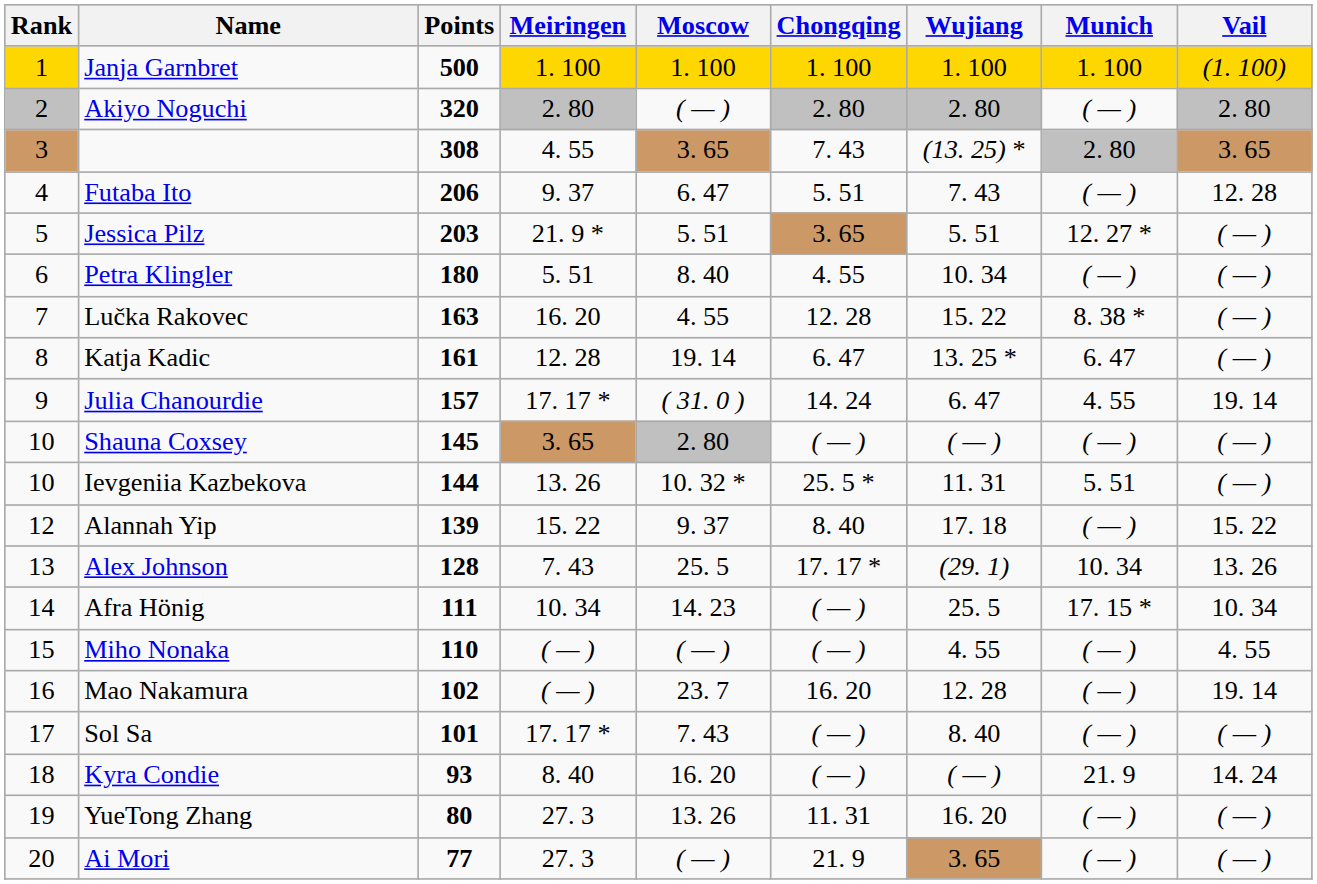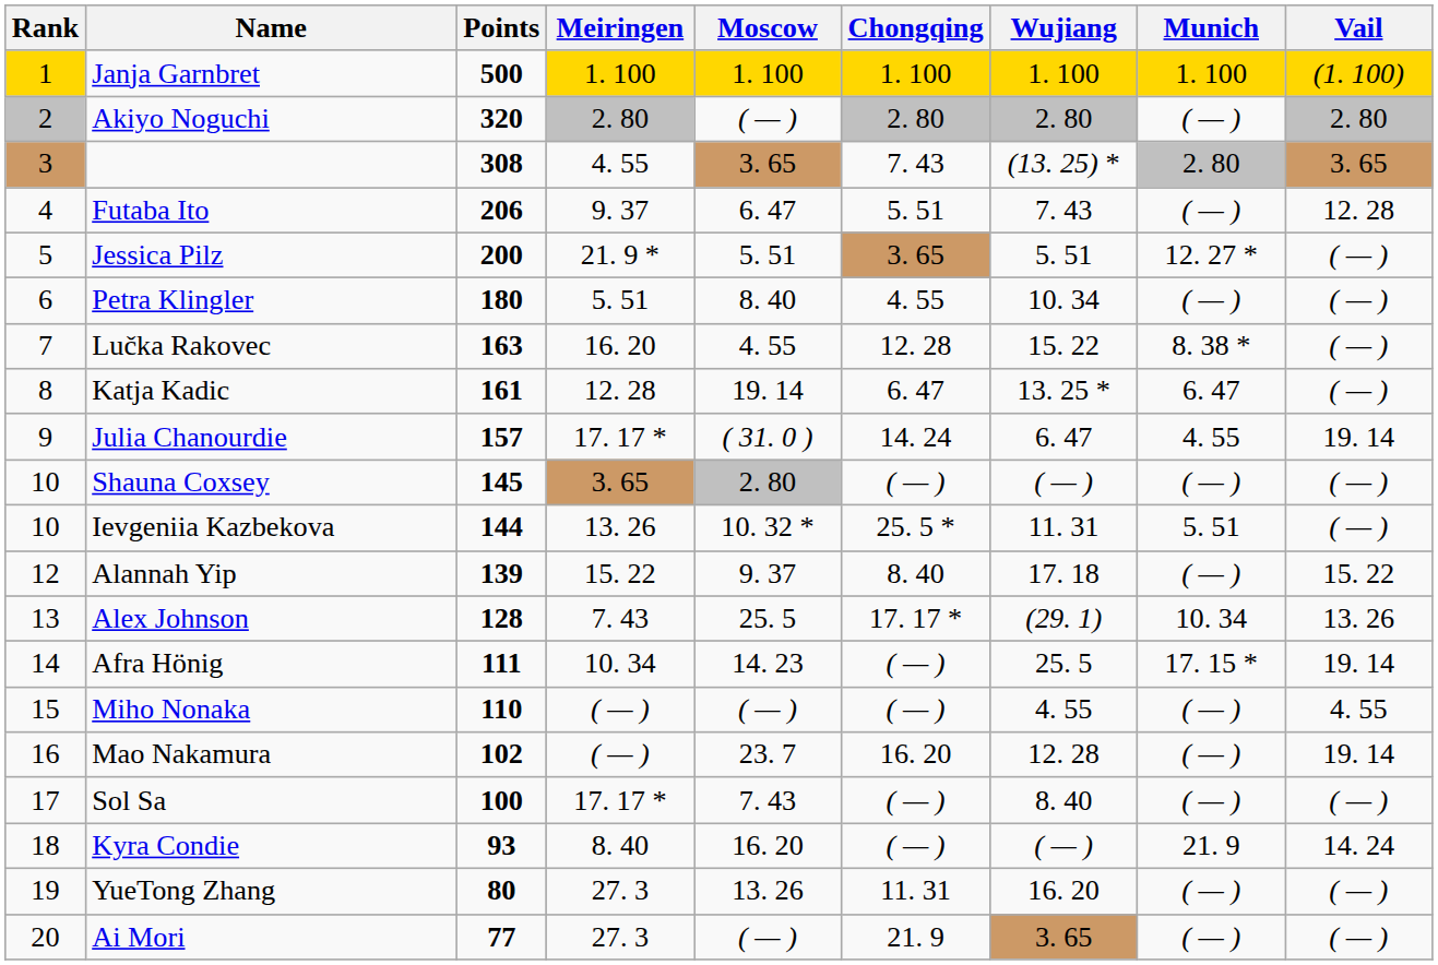 <table class="wikitable sortable">
 <tr>
 <th>Rank</th>
 <th width = "200">Name</th>
 <th>Points</th>
 <th width = "75" data-sort-type="number"><a href='#'>Meiringen</a></th>
 <th width = "75" data-sort-type="number"><a href='#'>Moscow</a></th>
 <th width = "75" data-sort-type="number"><a href='#'>Chongqing</a></th>
 <th width = "75" data-sort-type="number"><a href='#'>Wujiang</a></th>
 <th width = "75" data-sort-type="number"><a href='#'>Munich</a></th>
 <th width = "75" data-sort-type="number"><a href='#'>Vail</a></th>
 </tr>
 <tr>
 <td align="center" style="background: gold">1</td>
 <td> <a href='#'>Janja Garnbret</a></td>
 <td align="center"><strong>500</strong></td>
 <td align="center" style="background: gold">1. 100</td>
 <td align="center" style="background: gold">1. 100</td>
 <td align="center" style="background: gold">1. 100</td>
 <td align="center" style="background: gold">1. 100</td>
 <td align="center" style="background: gold">1. 100</td>
 <td align="center" style="background: gold"><em>(1. 100)</em></td>
 </tr>
 <tr>
 <td align="center" style="background: silver">2</td>
 <td> <a href='#'>Akiyo Noguchi</a></td>
 <td align="center"><strong>320</strong></td>
 <td align="center" style="background: silver">2. 80</td>
 <td align="center"><em>( — )</em></td>
 <td align="center" style="background: silver">2. 80</td>
 <td align="center" style="background: silver">2. 80</td>
 <td align="center"><em>( — )</em></td>
 <td align="center" style="background: silver">2. 80</td>
 </tr>
 <tr>
 <td align="center" style="background: #cc9966">3</td>
 <td> </td>
 <td align="center"><strong>308</strong></td>
 <td align="center">4. 55</td>
 <td align="center" style="background: #cc9966">3. 65</td>
 <td align="center">7. 43</td>
 <td align="center"><em>(13. 25)</em> *</td>
 <td align="center" style="background: silver">2. 80</td>
 <td align="center" style="background: #cc9966">3. 65</td>
 </tr>
 <tr>
 <td align="center">4</td>
 <td> <a href='#'>Futaba Ito</a></td>
 <td align="center"><strong>206</strong></td>
 <td align="center">9. 37</td>
 <td align="center">6. 47</td>
 <td align="center">5. 51</td>
 <td align="center">7. 43</td>
 <td align="center"><em>( — )</em></td>
 <td align="center">12. 28</td>
 </tr>
 <tr>
 <td align="center">5</td>
 <td> <a href='#'>Jessica Pilz</a></td>
-<td align="center"><strong>203</strong></td>
+<td align="center"><strong>200</strong></td>
 <td align="center">21. 9 *</td>
 <td align="center">5. 51</td>
 <td align="center" style="background: #cc9966">3. 65</td>
 <td align="center">5. 51</td>
 <td align="center">12. 27 *</td>
 <td align="center"><em>( — )</em></td>
 </tr>
 <tr>
 <td align="center">6</td>
 <td> <a href='#'>Petra Klingler</a></td>
 <td align="center"><strong>180</strong></td>
 <td align="center">5. 51</td>
 <td align="center">8. 40</td>
 <td align="center">4. 55</td>
 <td align="center">10. 34</td>
 <td align="center"><em>( — )</em></td>
 <td align="center"><em>( — )</em></td>
 </tr>
 <tr>
 <td align="center">7</td>
 <td> Lučka Rakovec</td>
 <td align="center"><strong>163</strong></td>
 <td align="center">16. 20</td>
 <td align="center">4. 55</td>
 <td align="center">12. 28</td>
 <td align="center">15. 22</td>
 <td align="center">8. 38 *</td>
 <td align="center"><em>( — )</em></td>
 </tr>
 <tr>
 <td align="center">8</td>
 <td> Katja Kadic</td>
 <td align="center"><strong>161</strong></td>
 <td align="center">12. 28</td>
 <td align="center">19. 14</td>
 <td align="center">6. 47</td>
 <td align="center">13. 25 *</td>
 <td align="center">6. 47</td>
 <td align="center"><em>( — )</em></td>
 </tr>
 <tr>
 <td align="center">9</td>
 <td> <a href='#'>Julia Chanourdie</a></td>
 <td align="center"><strong>157</strong></td>
 <td align="center">17. 17 *</td>
 <td align="center"><em>( 31. 0 )</em></td>
 <td align="center">14. 24</td>
 <td align="center">6. 47</td>
 <td align="center">4. 55</td>
 <td align="center">19. 14</td>
 </tr>
 <tr>
 <td align="center">10</td>
 <td> <a href='#'>Shauna Coxsey</a></td>
 <td align="center"><strong>145</strong></td>
 <td align="center" style="background: #cc9966">3. 65</td>
 <td align="center" style="background: silver">2. 80</td>
 <td align="center"><em>( — )</em></td>
 <td align="center"><em>( — )</em></td>
 <td align="center"><em>( — )</em></td>
 <td align="center"><em>( — )</em></td>
 </tr>
 <tr>
 <td align="center">10</td>
 <td> Ievgeniia Kazbekova</td>
 <td align="center"><strong>144</strong></td>
 <td align="center">13. 26</td>
 <td align="center">10. 32 *</td>
 <td align="center">25. 5 *</td>
 <td align="center">11. 31</td>
 <td align="center">5. 51</td>
 <td align="center"><em>( — )</em></td>
 </tr>
 <tr>
 <td align="center">12</td>
 <td> Alannah Yip</td>
 <td align="center"><strong>139</strong></td>
 <td align="center">15. 22</td>
 <td align="center">9. 37</td>
 <td align="center">8. 40</td>
 <td align="center">17. 18</td>
 <td align="center"><em>( — )</em></td>
 <td align="center">15. 22</td>
 </tr>
 <tr>
 <td align="center">13</td>
 <td> <a href='#'>Alex Johnson</a></td>
 <td align="center"><strong>128</strong></td>
 <td align="center">7. 43</td>
 <td align="center">25. 5</td>
 <td align="center">17. 17 *</td>
 <td align="center"><em>(29. 1)</em></td>
 <td align="center">10. 34</td>
 <td align="center">13. 26</td>
 </tr>
 <tr>
 <td align="center">14</td>
 <td> Afra Hönig</td>
 <td align="center"><strong>111</strong></td>
 <td align="center">10. 34</td>
 <td align="center">14. 23</td>
 <td align="center"><em>( — )</em></td>
 <td align="center">25. 5</td>
 <td align="center">17. 15 *</td>
-<td align="center">10. 34</td>
+<td align="center">19. 14</td>
 </tr>
 <tr>
 <td align="center">15</td>
 <td> <a href='#'>Miho Nonaka</a></td>
 <td align="center"><strong>110</strong></td>
 <td align="center"><em>( — )</em></td>
 <td align="center"><em>( — )</em></td>
 <td align="center"><em>( — )</em></td>
 <td align="center">4. 55</td>
 <td align="center"><em>( — )</em></td>
 <td align="center">4. 55</td>
 </tr>
 <tr>
 <td align="center">16</td>
 <td> Mao Nakamura</td>
 <td align="center"><strong>102</strong></td>
 <td align="center"><em>( — )</em></td>
 <td align="center">23. 7</td>
 <td align="center">16. 20</td>
 <td align="center">12. 28</td>
 <td align="center"><em>( — )</em></td>
 <td align="center">19. 14</td>
 </tr>
 <tr>
 <td align="center">17</td>
 <td> Sol Sa</td>
-<td align="center"><strong>101</strong></td>
+<td align="center"><strong>100</strong></td>
 <td align="center">17. 17 *</td>
 <td align="center">7. 43</td>
 <td align="center"><em>( — )</em></td>
 <td align="center">8. 40</td>
 <td align="center"><em>( — )</em></td>
 <td align="center"><em>( — )</em></td>
 </tr>
 <tr>
 <td align="center">18</td>
 <td> <a href='#'>Kyra Condie</a></td>
 <td align="center"><strong>93</strong></td>
 <td align="center">8. 40</td>
 <td align="center">16. 20</td>
 <td align="center"><em>( — )</em></td>
 <td align="center"><em>( — )</em></td>
 <td align="center">21. 9</td>
 <td align="center">14. 24</td>
 </tr>
 <tr>
 <td align="center">19</td>
 <td> YueTong Zhang</td>
 <td align="center"><strong>80</strong></td>
 <td align="center">27. 3</td>
 <td align="center">13. 26</td>
 <td align="center">11. 31</td>
 <td align="center">16. 20</td>
 <td align="center"><em>( — )</em></td>
 <td align="center"><em>( — )</em></td>
 </tr>
 <tr>
 <td align="center">20</td>
 <td> <a href='#'>Ai Mori</a></td>
 <td align="center"><strong>77</strong></td>
 <td align="center">27. 3</td>
 <td align="center"><em>( — )</em></td>
 <td align="center">21. 9</td>
 <td align="center" style="background: #cc9966">3. 65</td>
 <td align="center"><em>( — )</em></td>
 <td align="center"><em>( — )</em></td>
 </tr>
 </table>
